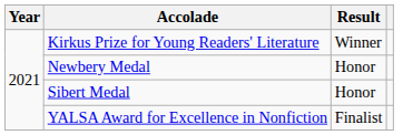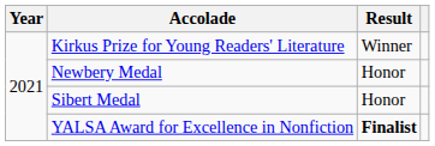 <table class="wikitable sortable">
 <tr>
 <th>Year</th>
 <th>Accolade</th>
 <th>Result</th>
 <th class="unsortable"></th>
 </tr>
 <tr>
 <td rowspan="4">2021</td>
 <td><a href='#'>Kirkus Prize for Young Readers' Literature</a></td>
 <td>Winner</td>
 <td style="text-align:center"></td>
 </tr>
 <tr>
 <td><a href='#'>Newbery Medal</a></td>
 <td>Honor</td>
 <td style="text-align:center"></td>
 </tr>
 <tr>
 <td><a href='#'>Sibert Medal</a></td>
 <td>Honor</td>
 <td style="text-align:center"></td>
 </tr>
 <tr>
 <td><a href='#'>YALSA Award for Excellence in Nonfiction</a></td>
-<td>Finalist</td>
+<td><strong>Finalist</strong></td>
 <td style="text-align:center"></td>
 </tr>
 </table>
